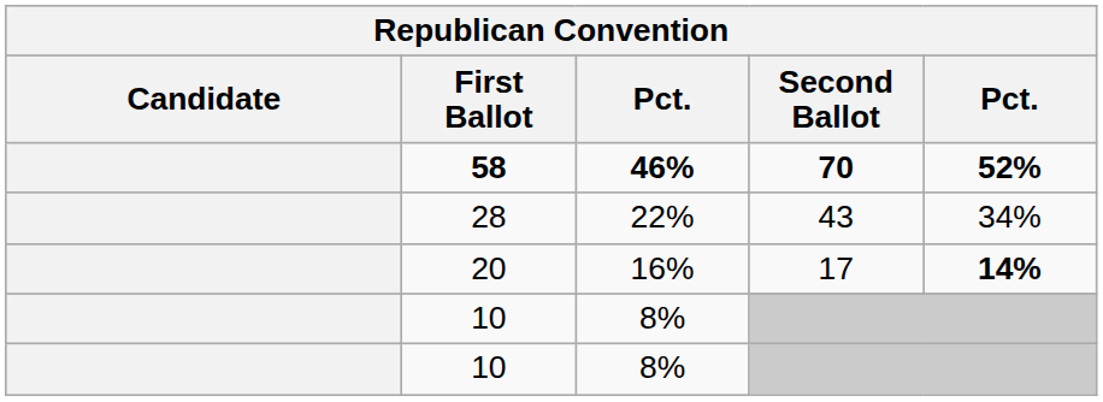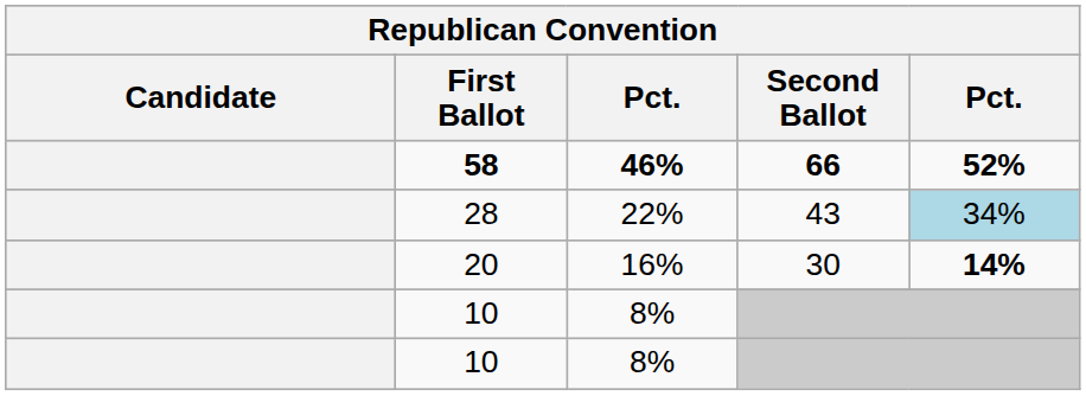 <table class="wikitable sortable plainrowheaders">
 <tr>
 <th colspan="5" >Republican Convention</th>
 </tr>
 <tr style="background:#eee; text-align:center;">
 <th scope="col" style="width: 12em">Candidate</th>
 <th scope="col" style="width: 5em">First Ballot</th>
 <th scope="col" style="width: 5em">Pct.</th>
 <th scope="col" style="width: 5em">Second Ballot</th>
 <th scope="col" style="width: 5em">Pct.</th>
 </tr>
 <tr>
 <th scope="row"><strong></strong></th>
 <td style="text-align:center;"><strong>58</strong></td>
 <td style="text-align:center;"><strong>46%</strong></td>
-<td style="text-align:center;"><strong>70</strong></td>
+<td style="text-align:center;"><strong>66</strong></td>
 <td style="text-align:center;"><strong>52%</strong></td>
 </tr>
 <tr>
 <th scope="row"></th>
 <td style="text-align:center;">28</td>
 <td style="text-align:center;">22%</td>
 <td style="text-align:center;">43</td>
-<td style="text-align:center;">34%</td>
+<td style="background: lightblue; text-align:center;">34%</td>
 </tr>
 <tr>
 <th scope="row"></th>
 <td style="text-align:center;">20</td>
 <td style="text-align:center;">16%</td>
-<td style="text-align:center;">17</td>
+<td style="text-align:center;">30</td>
 <td style="text-align:center;"><strong>14%</strong></td>
 </tr>
 <tr>
 <th scope="row"></th>
 <td style="text-align:center;">10</td>
 <td style="text-align:center;">8%</td>
 <td colspan=2 style="text-align:center; background:#cbcbcb"></td>
 </tr>
 <tr>
 <th scope="row"></th>
 <td style="text-align:center;">10</td>
 <td style="text-align:center;">8%</td>
 <td colspan=2 style="text-align:center; background:#cbcbcb"></td>
 </tr>
 </table>
